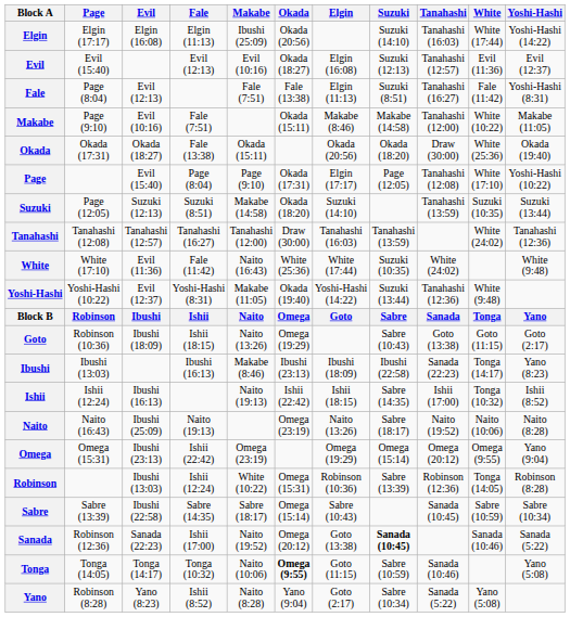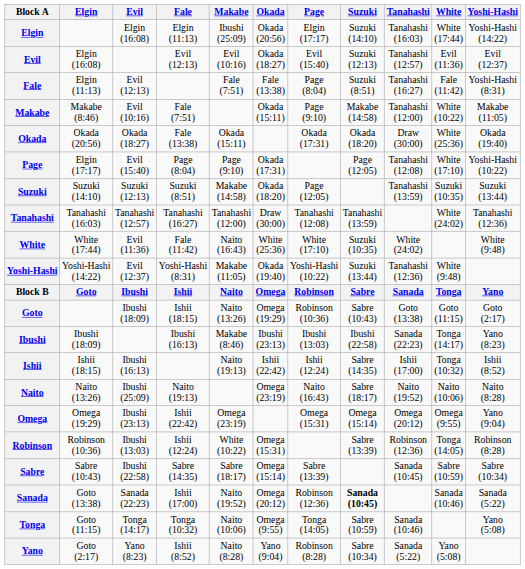 <table class="wikitable" align=center style="margin: 1em auto 1em auto">
 <tr align="center">
 <th>Block A</th>
-<th><a href='#'>Page</a></th>
+<th><a href='#'>Elgin</a></th>
 <th><a href='#'>Evil</a></th>
 <th><a href='#'>Fale</a></th>
 <th><a href='#'>Makabe</a></th>
 <th><a href='#'>Okada</a></th>
-<th><a href='#'>Elgin</a></th>
+<th><a href='#'>Page</a></th>
 <th><a href='#'>Suzuki</a></th>
 <th><a href='#'>Tanahashi</a></th>
 <th><a href='#'>White</a></th>
 <th><a href='#'>Yoshi-Hashi</a></th>
 </tr>
 <tr align="center">
 <th><a href='#'>Elgin</a></th>
-<td>Elgin<br>(17:17)</td>
+<td></td>
 <td>Elgin<br>(16:08)</td>
 <td>Elgin<br>(11:13)</td>
 <td>Ibushi<br>(25:09)</td>
 <td>Okada<br>(20:56)</td>
-<td></td>
+<td>Elgin<br>(17:17)</td>
 <td>Suzuki<br>(14:10)</td>
 <td>Tanahashi<br>(16:03)</td>
 <td>White<br>(17:44)</td>
 <td>Yoshi-Hashi<br>(14:22)</td>
 </tr>
 <tr align="center">
 <th><a href='#'>Evil</a></th>
-<td>Evil<br>(15:40)</td>
+<td>Elgin<br>(16:08)</td>
 <td></td>
 <td>Evil<br>(12:13)</td>
 <td>Evil<br>(10:16)</td>
 <td>Okada<br>(18:27)</td>
-<td>Elgin<br>(16:08)</td>
+<td>Evil<br>(15:40)</td>
 <td>Suzuki<br>(12:13)</td>
 <td>Tanahashi<br>(12:57)</td>
 <td>Evil<br>(11:36)</td>
 <td>Evil<br>(12:37)</td>
 </tr>
 <tr align="center">
 <th><a href='#'>Fale</a></th>
-<td>Page<br>(8:04)</td>
+<td>Elgin<br>(11:13)</td>
 <td>Evil<br>(12:13)</td>
 <td></td>
 <td>Fale<br>(7:51)</td>
 <td>Fale<br>(13:38)</td>
-<td>Elgin<br>(11:13)</td>
+<td>Page<br>(8:04)</td>
 <td>Suzuki<br>(8:51)</td>
 <td>Tanahashi<br>(16:27)</td>
 <td>Fale<br>(11:42)</td>
 <td>Yoshi-Hashi<br>(8:31)</td>
 </tr>
 <tr align="center">
 <th><a href='#'>Makabe</a></th>
-<td>Page<br>(9:10)</td>
+<td>Makabe<br>(8:46)</td>
 <td>Evil<br>(10:16)</td>
 <td>Fale<br>(7:51)</td>
 <td></td>
 <td>Okada<br>(15:11)</td>
-<td>Makabe<br>(8:46)</td>
+<td>Page<br>(9:10)</td>
 <td>Makabe<br>(14:58)</td>
 <td>Tanahashi<br>(12:00)</td>
 <td>White<br>(10:22)</td>
 <td>Makabe<br>(11:05)</td>
 </tr>
 <tr align="center">
 <th><a href='#'>Okada</a></th>
-<td>Okada<br>(17:31)</td>
+<td>Okada<br>(20:56)</td>
 <td>Okada<br>(18:27)</td>
 <td>Fale<br>(13:38)</td>
 <td>Okada<br>(15:11)</td>
 <td></td>
-<td>Okada<br>(20:56)</td>
+<td>Okada<br>(17:31)</td>
 <td>Okada<br>(18:20)</td>
 <td>Draw<br>(30:00)</td>
 <td>White<br>(25:36)</td>
 <td>Okada<br>(19:40)</td>
 </tr>
 <tr align="center">
 <th><a href='#'>Page</a></th>
-<td></td>
+<td>Elgin<br>(17:17)</td>
 <td>Evil<br>(15:40)</td>
 <td>Page<br>(8:04)</td>
 <td>Page<br>(9:10)</td>
 <td>Okada<br>(17:31)</td>
-<td>Elgin<br>(17:17)</td>
+<td></td>
 <td>Page<br>(12:05)</td>
 <td>Tanahashi<br>(12:08)</td>
 <td>White<br>(17:10)</td>
 <td>Yoshi-Hashi<br>(10:22)</td>
 </tr>
 <tr align="center">
 <th><a href='#'>Suzuki</a></th>
-<td>Page<br>(12:05)</td>
+<td>Suzuki<br>(14:10)</td>
 <td>Suzuki<br>(12:13)</td>
 <td>Suzuki<br>(8:51)</td>
 <td>Makabe<br>(14:58)</td>
 <td>Okada<br>(18:20)</td>
-<td>Suzuki<br>(14:10)</td>
+<td>Page<br>(12:05)</td>
 <td></td>
 <td>Tanahashi<br>(13:59)</td>
 <td>Suzuki<br>(10:35)</td>
 <td>Suzuki<br>(13:44)</td>
 </tr>
 <tr align="center">
 <th><a href='#'>Tanahashi</a></th>
-<td>Tanahashi<br>(12:08)</td>
+<td>Tanahashi<br>(16:03)</td>
 <td>Tanahashi<br>(12:57)</td>
 <td>Tanahashi<br>(16:27)</td>
 <td>Tanahashi<br>(12:00)</td>
 <td>Draw<br>(30:00)</td>
-<td>Tanahashi<br>(16:03)</td>
+<td>Tanahashi<br>(12:08)</td>
 <td>Tanahashi<br>(13:59)</td>
 <td></td>
 <td>White<br>(24:02)</td>
 <td>Tanahashi<br>(12:36)</td>
 </tr>
 <tr align="center">
 <th><a href='#'>White</a></th>
-<td>White<br>(17:10)</td>
+<td>White<br>(17:44)</td>
 <td>Evil<br>(11:36)</td>
 <td>Fale<br>(11:42)</td>
 <td>Naito<br>(16:43)</td>
 <td>White<br>(25:36)</td>
-<td>White<br>(17:44)</td>
+<td>White<br>(17:10)</td>
 <td>Suzuki<br>(10:35)</td>
 <td>White<br>(24:02)</td>
 <td></td>
 <td>White<br>(9:48)</td>
 </tr>
 <tr align="center">
 <th><a href='#'>Yoshi-Hashi</a></th>
-<td>Yoshi-Hashi<br>(10:22)</td>
+<td>Yoshi-Hashi<br>(14:22)</td>
 <td>Evil<br>(12:37)</td>
 <td>Yoshi-Hashi<br>(8:31)</td>
 <td>Makabe<br>(11:05)</td>
 <td>Okada<br>(19:40)</td>
-<td>Yoshi-Hashi<br>(14:22)</td>
+<td>Yoshi-Hashi<br>(10:22)</td>
 <td>Suzuki<br>(13:44)</td>
 <td>Tanahashi<br>(12:36)</td>
 <td>White<br>(9:48)</td>
 <td></td>
 </tr>
 <tr align="center">
 <th>Block B</th>
-<th><a href='#'>Robinson</a></th>
+<th><a href='#'>Goto</a></th>
 <th><a href='#'>Ibushi</a></th>
 <th><a href='#'>Ishii</a></th>
 <th><a href='#'>Naito</a></th>
 <th><a href='#'>Omega</a></th>
-<th><a href='#'>Goto</a></th>
+<th><a href='#'>Robinson</a></th>
 <th><a href='#'>Sabre</a></th>
 <th><a href='#'>Sanada</a></th>
 <th><a href='#'>Tonga</a></th>
 <th><a href='#'>Yano</a></th>
 </tr>
 <tr align="center">
 <th><a href='#'>Goto</a></th>
-<td>Robinson<br>(10:36)</td>
+<td></td>
 <td>Ibushi<br>(18:09)</td>
 <td>Ishii<br>(18:15)</td>
 <td>Naito<br>(13:26)</td>
 <td>Omega<br>(19:29)</td>
-<td></td>
+<td>Robinson<br>(10:36)</td>
 <td>Sabre<br>(10:43)</td>
 <td>Goto<br>(13:38)</td>
 <td>Goto<br>(11:15)</td>
 <td>Goto<br>(2:17)</td>
 </tr>
 <tr align="center">
 <th><a href='#'>Ibushi</a></th>
-<td>Ibushi<br>(13:03)</td>
+<td>Ibushi<br>(18:09)</td>
 <td></td>
 <td>Ibushi<br>(16:13)</td>
 <td>Makabe<br>(8:46)</td>
 <td>Ibushi<br>(23:13)</td>
-<td>Ibushi<br>(18:09)</td>
+<td>Ibushi<br>(13:03)</td>
 <td>Ibushi<br>(22:58)</td>
 <td>Sanada<br>(22:23)</td>
 <td>Tonga<br>(14:17)</td>
 <td>Yano<br>(8:23)</td>
 </tr>
 <tr align="center">
 <th><a href='#'>Ishii</a></th>
-<td>Ishii<br>(12:24)</td>
+<td>Ishii<br>(18:15)</td>
 <td>Ibushi<br>(16:13)</td>
 <td></td>
 <td>Naito<br>(19:13)</td>
 <td>Ishii<br>(22:42)</td>
-<td>Ishii<br>(18:15)</td>
+<td>Ishii<br>(12:24)</td>
 <td>Sabre<br>(14:35)</td>
 <td>Ishii<br>(17:00)</td>
 <td>Tonga<br>(10:32)</td>
 <td>Ishii<br>(8:52)</td>
 </tr>
 <tr align="center">
 <th><a href='#'>Naito</a></th>
-<td>Naito<br>(16:43)</td>
+<td>Naito<br>(13:26)</td>
 <td>Ibushi<br>(25:09)</td>
 <td>Naito<br>(19:13)</td>
 <td></td>
 <td>Omega<br>(23:19)</td>
-<td>Naito<br>(13:26)</td>
+<td>Naito<br>(16:43)</td>
 <td>Sabre<br>(18:17)</td>
 <td>Naito<br>(19:52)</td>
 <td>Naito<br>(10:06)</td>
 <td>Naito<br>(8:28)</td>
 </tr>
 <tr align="center">
 <th><a href='#'>Omega</a></th>
-<td>Omega<br>(15:31)</td>
+<td>Omega<br>(19:29)</td>
 <td>Ibushi<br>(23:13)</td>
 <td>Ishii<br>(22:42)</td>
 <td>Omega<br>(23:19)</td>
 <td></td>
-<td>Omega<br>(19:29)</td>
+<td>Omega<br>(15:31)</td>
 <td>Omega<br>(15:14)</td>
 <td>Omega<br>(20:12)</td>
 <td>Omega<br>(9:55)</td>
 <td>Yano<br>(9:04)</td>
 </tr>
 <tr align="center">
 <th><a href='#'>Robinson</a></th>
-<td></td>
+<td>Robinson<br>(10:36)</td>
 <td>Ibushi<br>(13:03)</td>
 <td>Ishii<br>(12:24)</td>
 <td>White<br>(10:22)</td>
 <td>Omega<br>(15:31)</td>
-<td>Robinson<br>(10:36)</td>
+<td></td>
 <td>Sabre<br>(13:39)</td>
 <td>Robinson<br>(12:36)</td>
 <td>Tonga<br>(14:05)</td>
 <td>Robinson<br>(8:28)</td>
 </tr>
 <tr align="center">
 <th><a href='#'>Sabre</a></th>
-<td>Sabre<br>(13:39)</td>
+<td>Sabre<br>(10:43)</td>
 <td>Ibushi<br>(22:58)</td>
 <td>Sabre<br>(14:35)</td>
 <td>Sabre<br>(18:17)</td>
 <td>Omega<br>(15:14)</td>
-<td>Sabre<br>(10:43)</td>
+<td>Sabre<br>(13:39)</td>
 <td></td>
 <td>Sanada<br>(10:45)</td>
 <td>Sabre<br>(10:59)</td>
 <td>Sabre<br>(10:34)</td>
 </tr>
 <tr align="center">
 <th><a href='#'>Sanada</a></th>
-<td>Robinson<br>(12:36)</td>
+<td>Goto<br>(13:38)</td>
 <td>Sanada<br>(22:23)</td>
 <td>Ishii<br>(17:00)</td>
 <td>Naito<br>(19:52)</td>
 <td>Omega<br>(20:12)</td>
-<td>Goto<br>(13:38)</td>
+<td>Robinson<br>(12:36)</td>
 <td><strong>Sanada<br>(10:45)</strong></td>
 <td></td>
 <td>Sanada<br>(10:46)</td>
 <td>Sanada<br>(5:22)</td>
 </tr>
 <tr align="center">
 <th><a href='#'>Tonga</a></th>
-<td>Tonga<br>(14:05)</td>
+<td>Goto<br>(11:15)</td>
 <td>Tonga<br>(14:17)</td>
 <td>Tonga<br>(10:32)</td>
 <td>Naito<br>(10:06)</td>
-<td><strong>Omega<br>(9:55)</strong></td>
-<td>Goto<br>(11:15)</td>
+<td>Omega<br>(9:55)</td>
+<td>Tonga<br>(14:05)</td>
 <td>Sabre<br>(10:59)</td>
 <td>Sanada<br>(10:46)</td>
 <td></td>
 <td>Yano<br>(5:08)</td>
 </tr>
 <tr align="center">
 <th><a href='#'>Yano</a></th>
-<td>Robinson<br>(8:28)</td>
+<td>Goto<br>(2:17)</td>
 <td>Yano<br>(8:23)</td>
 <td>Ishii<br>(8:52)</td>
 <td>Naito<br>(8:28)</td>
 <td>Yano<br>(9:04)</td>
-<td>Goto<br>(2:17)</td>
+<td>Robinson<br>(8:28)</td>
 <td>Sabre<br>(10:34)</td>
 <td>Sanada<br>(5:22)</td>
 <td>Yano<br>(5:08)</td>
 <td></td>
 </tr>
 </table>
